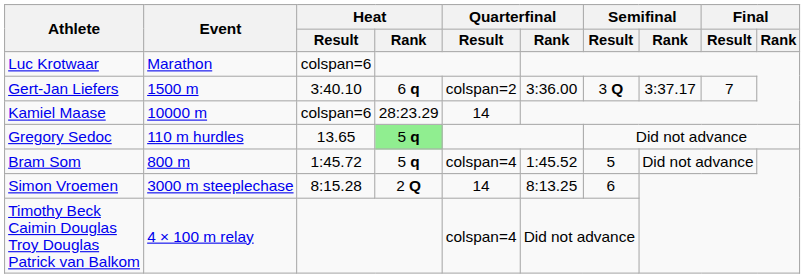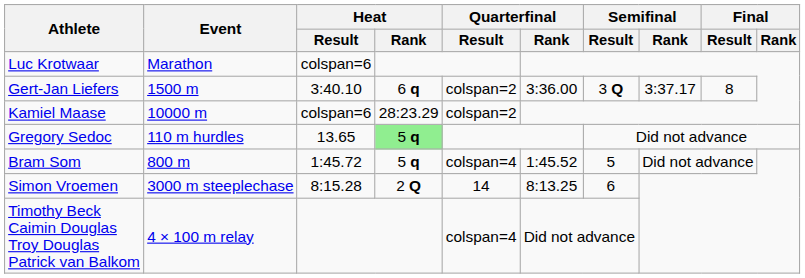 <table class=wikitable style="font-size:90%">
 <tr>
 <th rowspan="2">Athlete</th>
 <th rowspan="2">Event</th>
 <th colspan="2">Heat</th>
 <th colspan="2">Quarterfinal</th>
 <th colspan="2">Semifinal</th>
 <th colspan="2">Final</th>
 </tr>
 <tr style="font-size:95%">
 <th>Result</th>
 <th>Rank</th>
 <th>Result</th>
 <th>Rank</th>
 <th>Result</th>
 <th>Rank</th>
 <th>Result</th>
 <th>Rank</th>
 </tr>
 <tr align=center>
 <td align=left><a href='#'>Luc Krotwaar</a></td>
 <td align=left><a href='#'>Marathon</a></td>
 <td>colspan=6 </td>
 <td colspan=2></td>
 </tr>
 <tr align=center>
 <td align=left><a href='#'>Gert-Jan Liefers</a></td>
 <td align=left><a href='#'>1500 m</a></td>
 <td>3:40.10</td>
 <td>6 <strong>q</strong></td>
 <td>colspan=2 </td>
 <td>3:36.00</td>
 <td>3 <strong>Q</strong></td>
 <td>3:37.17</td>
-<td>7</td>
+<td>8</td>
 </tr>
 <tr align=center>
 <td align=left><a href='#'>Kamiel Maase</a></td>
 <td align=left><a href='#'>10000 m</a></td>
 <td>colspan=6 </td>
 <td>28:23.29</td>
-<td>14</td>
+<td>colspan=2 </td>
 </tr>
 <tr align=center>
 <td align=left><a href='#'>Gregory Sedoc</a></td>
 <td align=left><a href='#'>110 m hurdles</a></td>
 <td>13.65</td>
 <td style="background: lightgreen;">5 <strong>q</strong></td>
 <td colspan=2></td>
 <td colspan=4>Did not advance</td>
 </tr>
 <tr align=center>
 <td align=left><a href='#'>Bram Som</a></td>
 <td align=left><a href='#'>800 m</a></td>
 <td>1:45.72</td>
 <td>5 <strong>q</strong></td>
 <td>colspan=4 </td>
 <td>1:45.52</td>
 <td>5</td>
 <td colspan=2>Did not advance</td>
 </tr>
 <tr align=center>
 <td align=left><a href='#'>Simon Vroemen</a></td>
 <td align=left><a href='#'>3000 m steeplechase</a></td>
 <td>8:15.28</td>
 <td>2 <strong>Q</strong></td>
 <td>14</td>
 <td>8:13.25</td>
 <td>6</td>
 </tr>
 <tr align=center>
 <td align=left><a href='#'>Timothy Beck</a><br><a href='#'>Caimin Douglas</a><br><a href='#'>Troy Douglas</a><br><a href='#'>Patrick van Balkom</a></td>
 <td align=left><a href='#'>4 × 100 m relay</a></td>
 <td colspan=2></td>
 <td>colspan=4 </td>
 <td colspan=2>Did not advance</td>
 </tr>
 </table>
